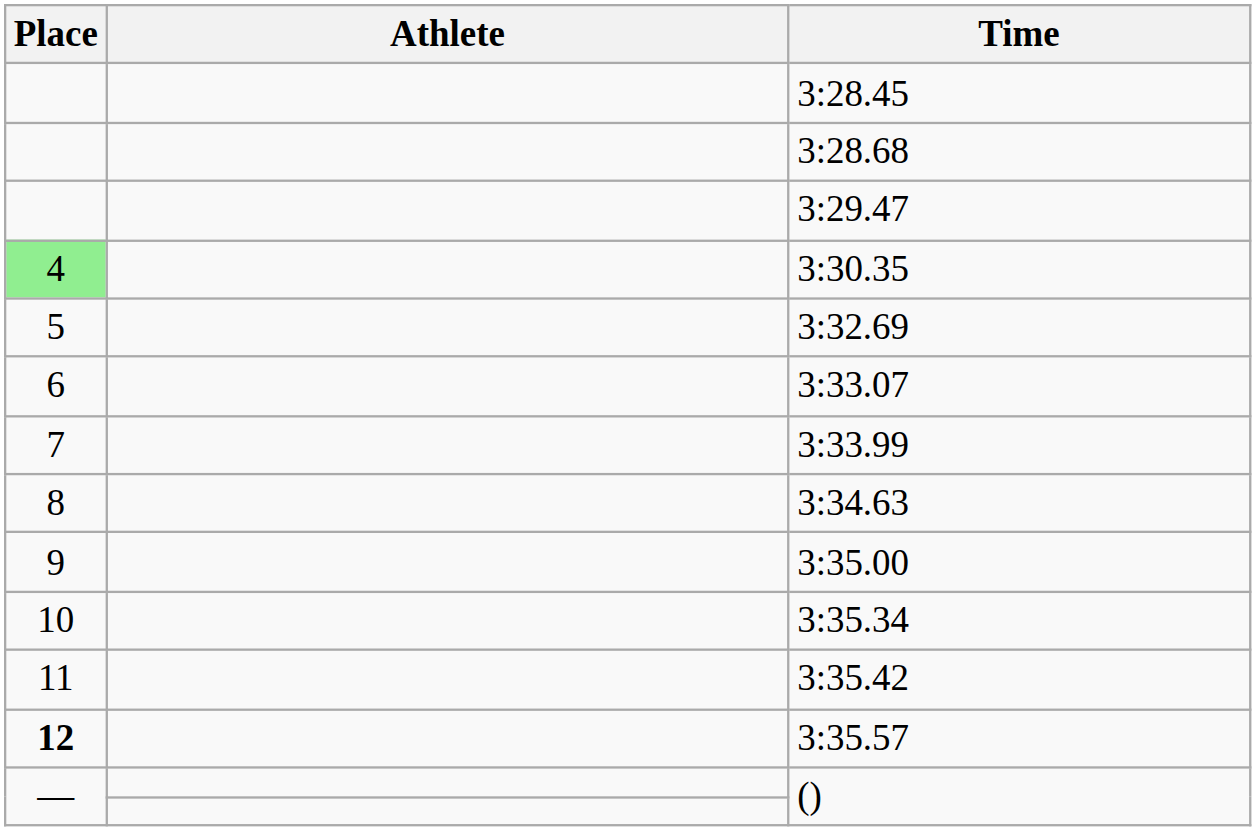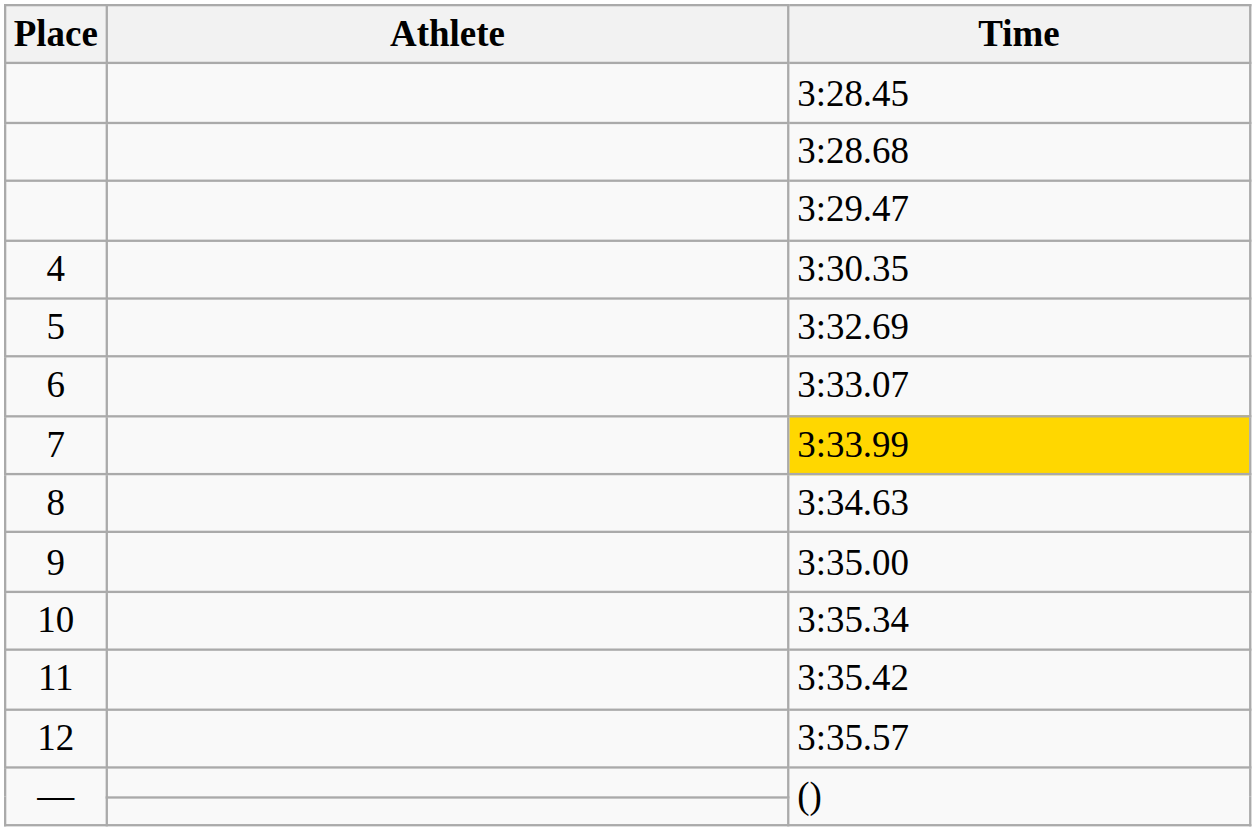 <table class=wikitable>
 <tr>
 <th>Place</th>
 <th style="width:18em">Athlete</th>
 <th style="width:12em">Time</th>
 </tr>
 <tr>
 <td align=center></td>
 <td></td>
 <td>3:28.45 </td>
 </tr>
 <tr>
 <td align=center></td>
 <td></td>
 <td>3:28.68 <strong></strong></td>
 </tr>
 <tr>
 <td align=center></td>
 <td></td>
 <td>3:29.47 </td>
 </tr>
 <tr>
-<td align=center style="background: lightgreen;">4</td>
+<td align=center>4</td>
 <td></td>
 <td>3:30.35</td>
 </tr>
 <tr>
 <td align=center>5</td>
 <td></td>
 <td>3:32.69</td>
 </tr>
 <tr>
 <td align=center>6</td>
 <td></td>
 <td>3:33.07 </td>
 </tr>
 <tr>
 <td align=center>7</td>
 <td></td>
-<td>3:33.99</td>
+<td style="background: gold;">3:33.99</td>
 </tr>
 <tr>
 <td align=center>8</td>
 <td></td>
 <td>3:34.63</td>
 </tr>
 <tr>
 <td align=center>9</td>
 <td></td>
 <td>3:35.00 </td>
 </tr>
 <tr>
 <td align=center>10</td>
 <td></td>
 <td>3:35.34</td>
 </tr>
 <tr>
 <td align=center>11</td>
 <td></td>
 <td>3:35.42</td>
 </tr>
 <tr>
-<td align=center><strong>12</strong></td>
+<td align=center>12</td>
 <td></td>
 <td>3:35.57</td>
 </tr>
 <tr>
 <td align=center data-sort-value=13 rowspan=2>—</td>
 <td></td>
 <td rowspan=2> ()</td>
 </tr>
 <tr>
 <td></td>
 </tr>
 </table>
